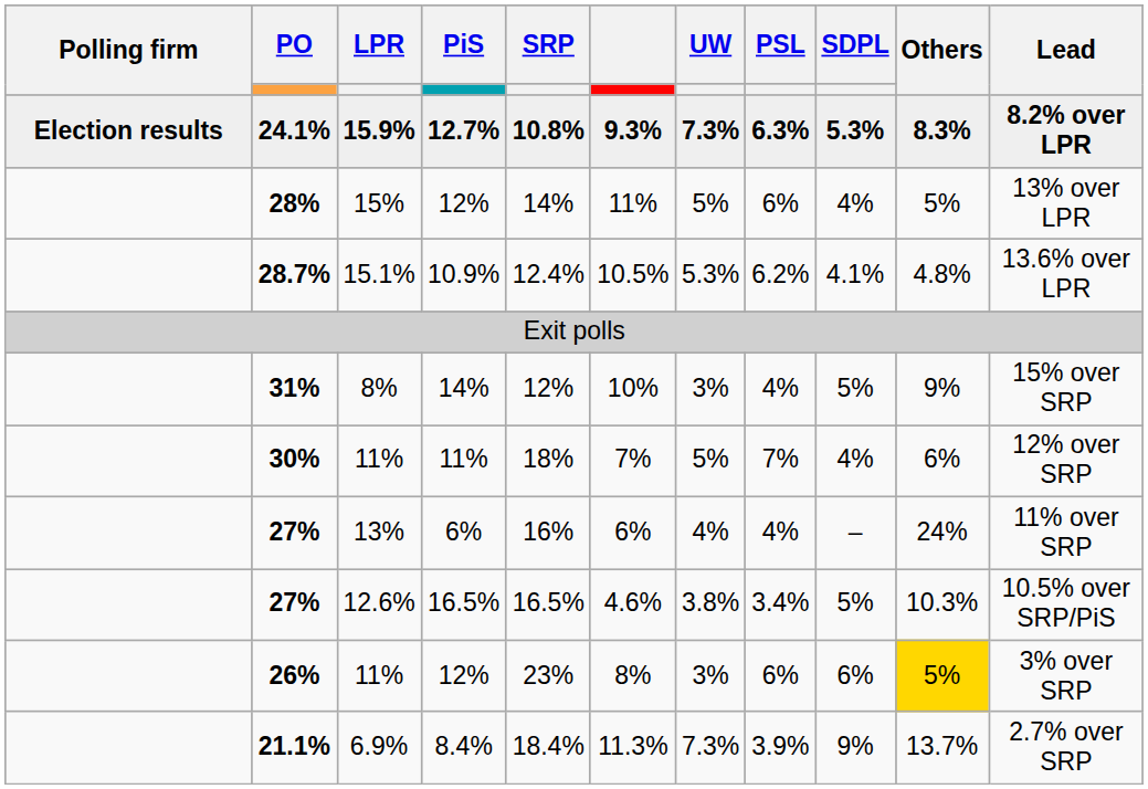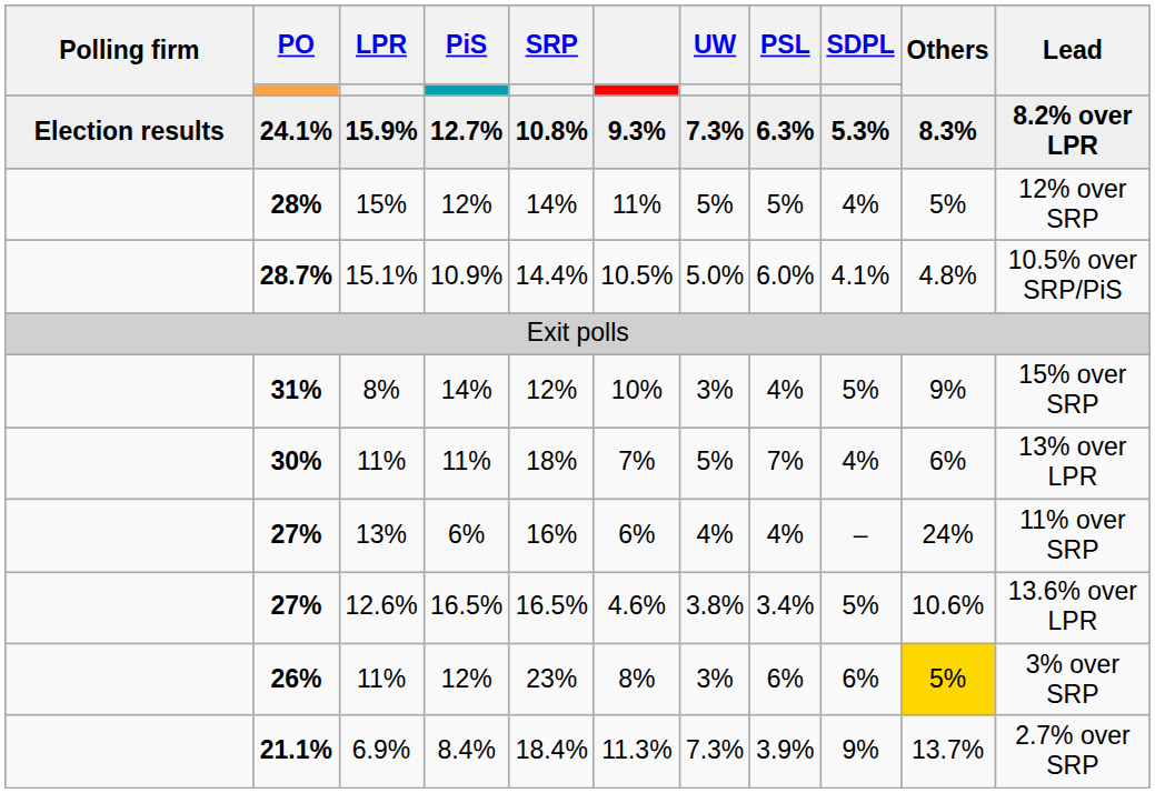 <table class="wikitable" style="text-align:center; font-size:85%; line-height:16px;">
 <tr style="height:42px; background:#e9e9e9;">
 <th style="width:200px;" rowspan="2">Polling firm</th>
 <th><a href='#'><span>PO</span></a></th>
 <th><a href='#'><span>LPR</span></a></th>
 <th><a href='#'><span>PiS</span></a></th>
 <th><a href='#'><span>SRP</span></a></th>
 <th></th>
 <th><a href='#'><span>UW</span></a></th>
 <th><a href='#'><span>PSL</span></a></th>
 <th><a href='#'><span>SDPL</span></a></th>
 <th style="width:40px;" rowspan="2">Others</th>
 <th style="width:100px;" rowspan="2">Lead</th>
 </tr>
 <tr>
 <th style="background:#FCA241; width:40px;"></th>
 <th style="background:"></th>
 <th style="background:#00a1b0; width:40px;"></th>
 <th style="background:"></th>
 <th style="background:red; width:40px;"></th>
 <th style="background:"></th>
 <th style="background:"></th>
 <th style="background:"></th>
 </tr>
 <tr style="background:#EFEFEF; font-weight:bold;">
 <td>Election results</td>
 <td style="background:">24.1%</td>
 <td>15.9%</td>
 <td>12.7%</td>
 <td>10.8%</td>
 <td>9.3%</td>
 <td>7.3%</td>
 <td>6.3%</td>
 <td>5.3%</td>
 <td>8.3%</td>
 <td style="background:">8.2% over LPR</td>
 </tr>
 <tr>
 <td></td>
 <td style="background:"><strong>28%</strong></td>
 <td>15%</td>
 <td>12%</td>
 <td>14%</td>
 <td>11%</td>
 <td>5%</td>
-<td>6%</td>
+<td>5%</td>
 <td>4%</td>
 <td>5%</td>
-<td style="background:">13% over LPR</td>
+<td style="background:">12% over SRP</td>
 </tr>
 <tr>
 <td></td>
 <td style="background:"><strong>28.7%</strong></td>
 <td>15.1%</td>
 <td>10.9%</td>
-<td>12.4%</td>
+<td>14.4%</td>
 <td>10.5%</td>
-<td>5.3%</td>
-<td>6.2%</td>
+<td>5.0%</td>
+<td>6.0%</td>
 <td>4.1%</td>
 <td>4.8%</td>
-<td style="background:">13.6% over LPR</td>
+<td style="background:">10.5% over SRP/PiS</td>
 </tr>
 <tr>
 <td colspan="14" style="background:#D0D0D0; color:black">Exit polls</td>
 </tr>
 <tr>
 <td></td>
 <td style="background:"><strong>31%</strong></td>
 <td>8%</td>
 <td>14%</td>
 <td>12%</td>
 <td>10%</td>
 <td>3%</td>
 <td>4%</td>
 <td>5%</td>
 <td>9%</td>
 <td style="background:">15% over SRP</td>
 </tr>
 <tr>
 <td></td>
 <td style="background:"><strong>30%</strong></td>
 <td>11%</td>
 <td>11%</td>
 <td>18%</td>
 <td>7%</td>
 <td>5%</td>
 <td>7%</td>
 <td>4%</td>
 <td>6%</td>
-<td style="background:">12% over SRP</td>
+<td style="background:">13% over LPR</td>
 </tr>
 <tr>
 <td></td>
 <td style="background:"><strong>27%</strong></td>
 <td>13%</td>
 <td>6%</td>
 <td>16%</td>
 <td>6%</td>
 <td>4%</td>
 <td>4%</td>
 <td>–</td>
 <td>24%</td>
 <td style="background:">11% over SRP</td>
 </tr>
 <tr>
 <td></td>
 <td style="background:"><strong>27%</strong></td>
 <td>12.6%</td>
 <td>16.5%</td>
 <td>16.5%</td>
 <td>4.6%</td>
 <td>3.8%</td>
 <td>3.4%</td>
 <td>5%</td>
-<td>10.3%</td>
-<td style="background:">10.5% over SRP/PiS</td>
+<td>10.6%</td>
+<td style="background:">13.6% over LPR</td>
 </tr>
 <tr>
 <td></td>
 <td style="background:"><strong>26%</strong></td>
 <td>11%</td>
 <td>12%</td>
 <td>23%</td>
 <td>8%</td>
 <td>3%</td>
 <td>6%</td>
 <td>6%</td>
 <td style="background: gold;">5%</td>
 <td style="background:">3% over SRP</td>
 </tr>
 <tr>
 <td><strong></strong></td>
 <td style="background:"><strong>21.1%</strong></td>
 <td>6.9%</td>
 <td>8.4%</td>
 <td>18.4%</td>
 <td>11.3%</td>
 <td>7.3%</td>
 <td>3.9%</td>
 <td>9%</td>
 <td>13.7%</td>
 <td style="background:">2.7% over SRP</td>
 </tr>
 </table>
